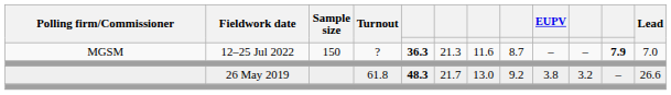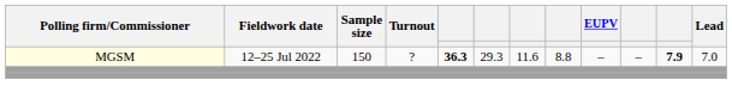 <table class="wikitable collapsible collapsed" style="text-align:center; font-size:95%; line-height:16px;">
 <tr style="height:42px;">
 <th style="width:250px;" rowspan="2">Polling firm/Commissioner</th>
 <th style="width:125px;" rowspan="2">Fieldwork date</th>
 <th style="width:50px;" rowspan="2">Sample size</th>
 <th style="width:45px;" rowspan="2">Turnout</th>
 <th style="width:35px;"></th>
 <th style="width:35px;"></th>
 <th style="width:35px;"></th>
 <th style="width:35px;"></th>
 <th style="width:35px; font-size:95%;"><a href='#'>EUPV</a></th>
 <th style="width:35px;"></th>
 <th style="width:35px;"></th>
 <th style="width:30px;" rowspan="2">Lead</th>
 </tr>
 <tr>
 <th style="color:inherit;background:"></th>
 <th style="color:inherit;background:"></th>
 <th style="color:inherit;background:"></th>
 <th style="color:inherit;background:"></th>
 <th style="color:inherit;background:"></th>
 <th style="color:inherit;background:"></th>
 <th style="color:inherit;background:"></th>
 </tr>
 <tr>
-<td>MGSM</td>
+<td style="background: lightyellow;">MGSM</td>
 <td>12–25 Jul 2022</td>
 <td>150</td>
 <td>?</td>
 <td><strong>36.3</strong><br></td>
-<td>21.3<br></td>
+<td>29.3<br></td>
 <td>11.6<br></td>
-<td>8.7<br></td>
+<td>8.8<br></td>
 <td>–</td>
 <td>–</td>
 <td><strong>7.9<br></strong></td>
 <td style="background:">7.0</td>
 </tr>
 <tr>
 <td colspan="12" style="background:#A0A0A0"></td>
 </tr>
-<tr style="background:#EFEFEF;">
-<td><strong></strong></td>
-<td>26 May 2019</td>
-<td></td>
-<td>61.8</td>
-<td><strong>48.3</strong><br></td>
-<td>21.7<br></td>
-<td>13.0<br></td>
-<td>9.2<br></td>
-<td>3.8<br></td>
-<td>3.2<br></td>
-<td>–</td>
-<td style="background:">26.6</td>
-</tr>
 <tr>
 <td colspan="12" style="background:#A0A0A0"></td>
 </tr>
 </table>
